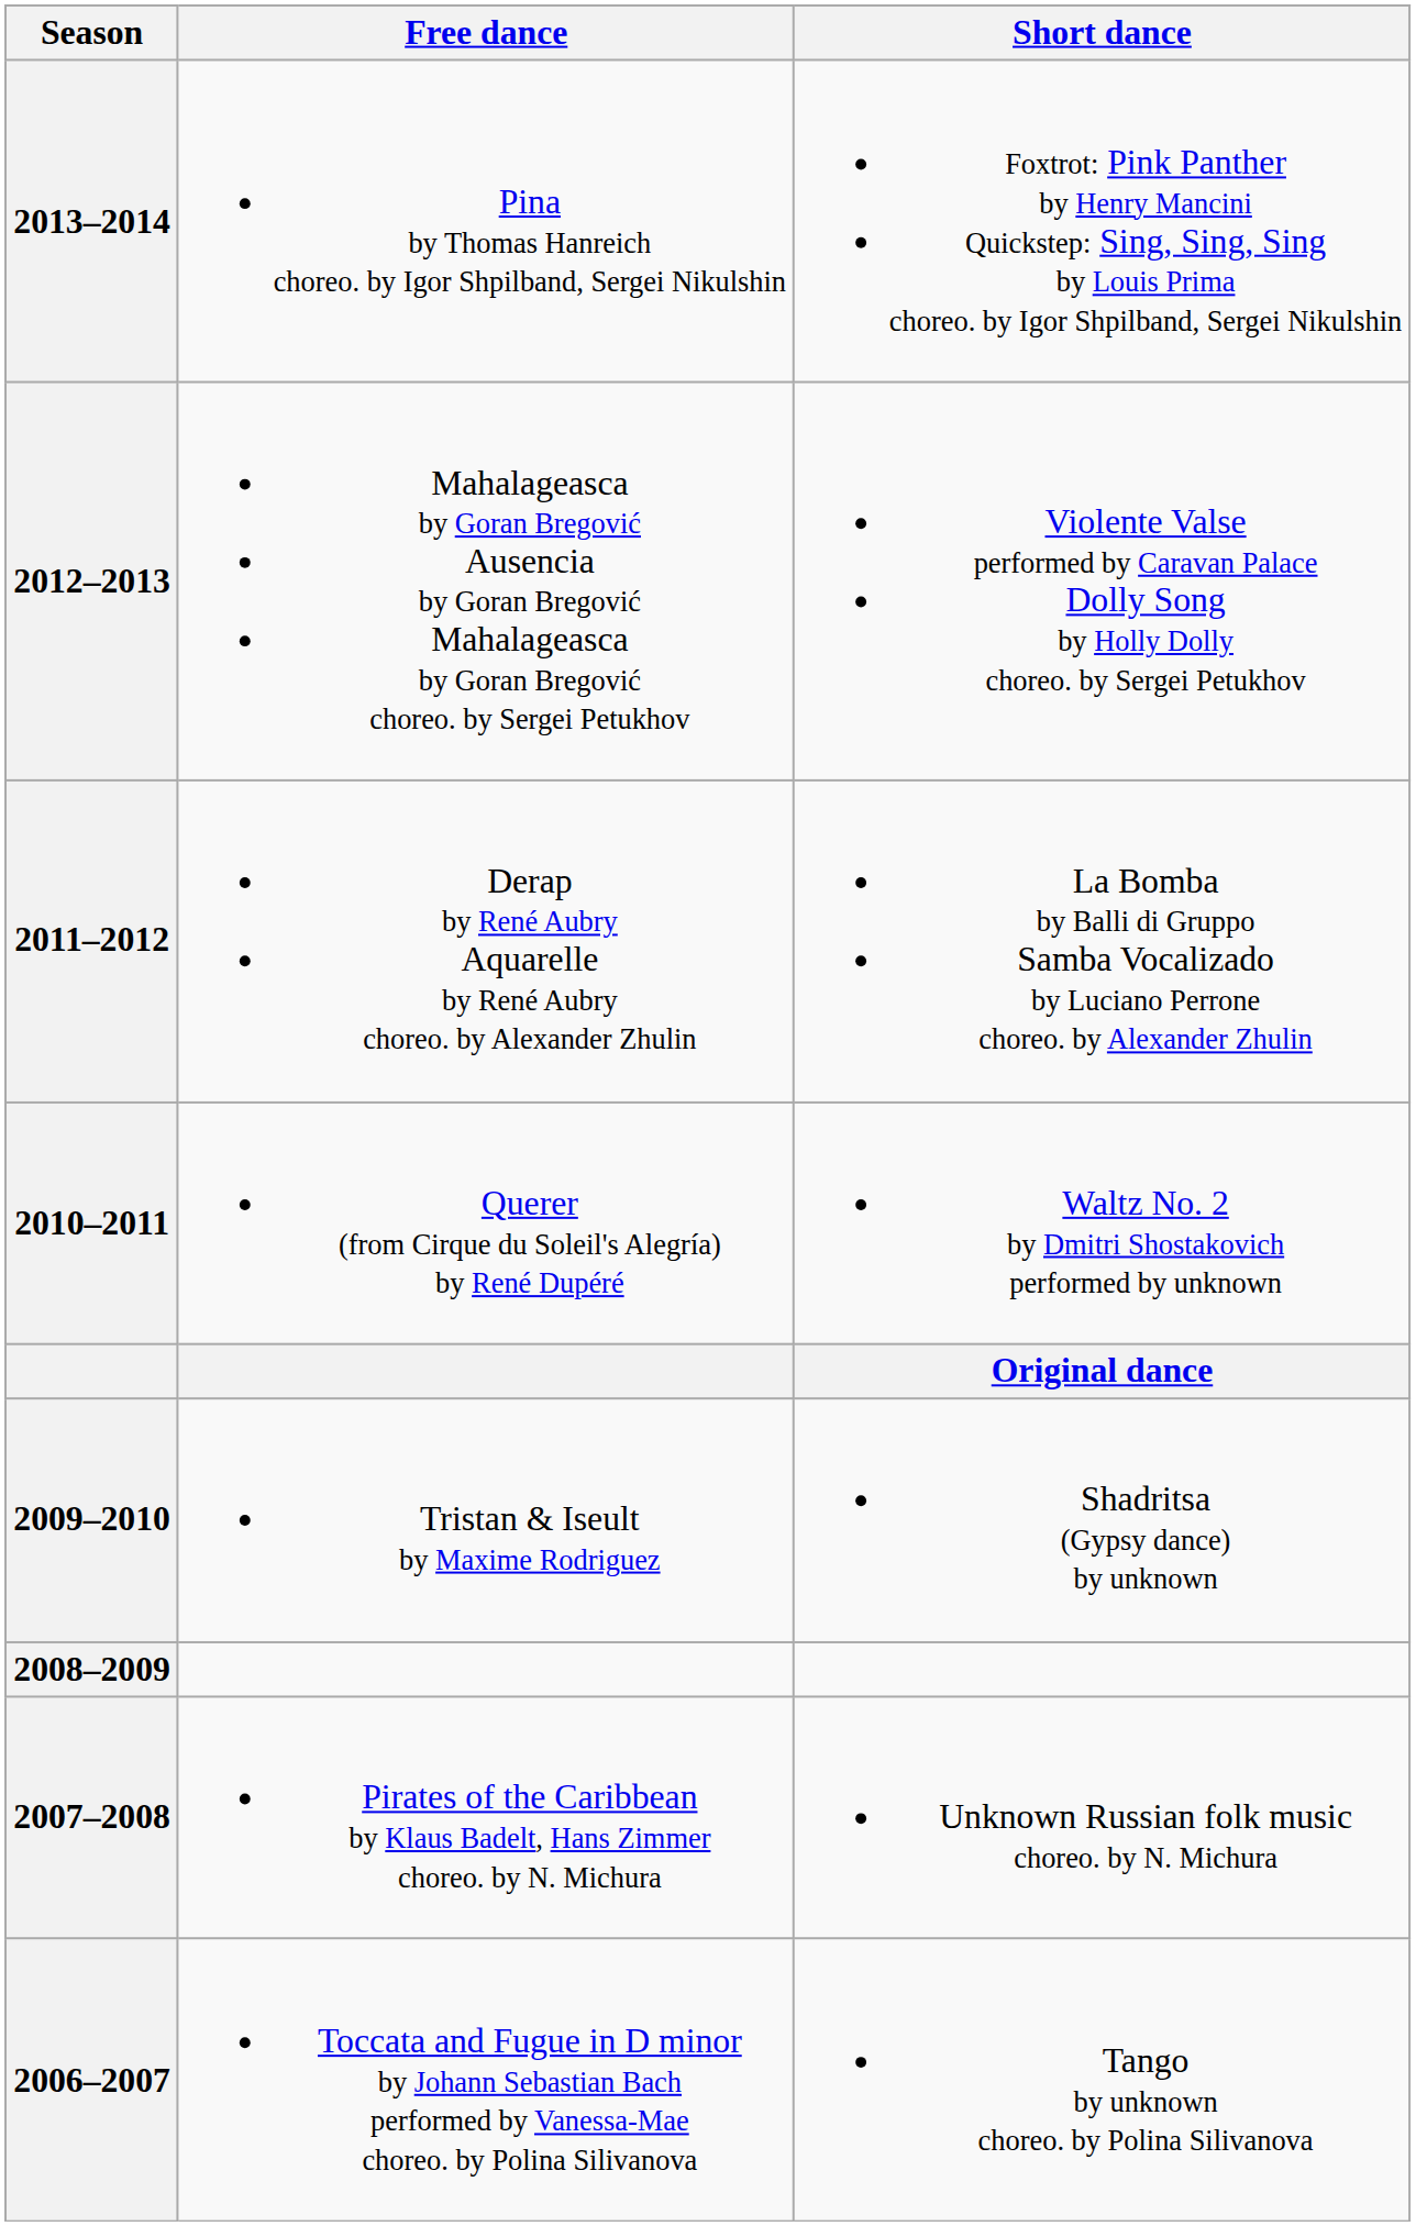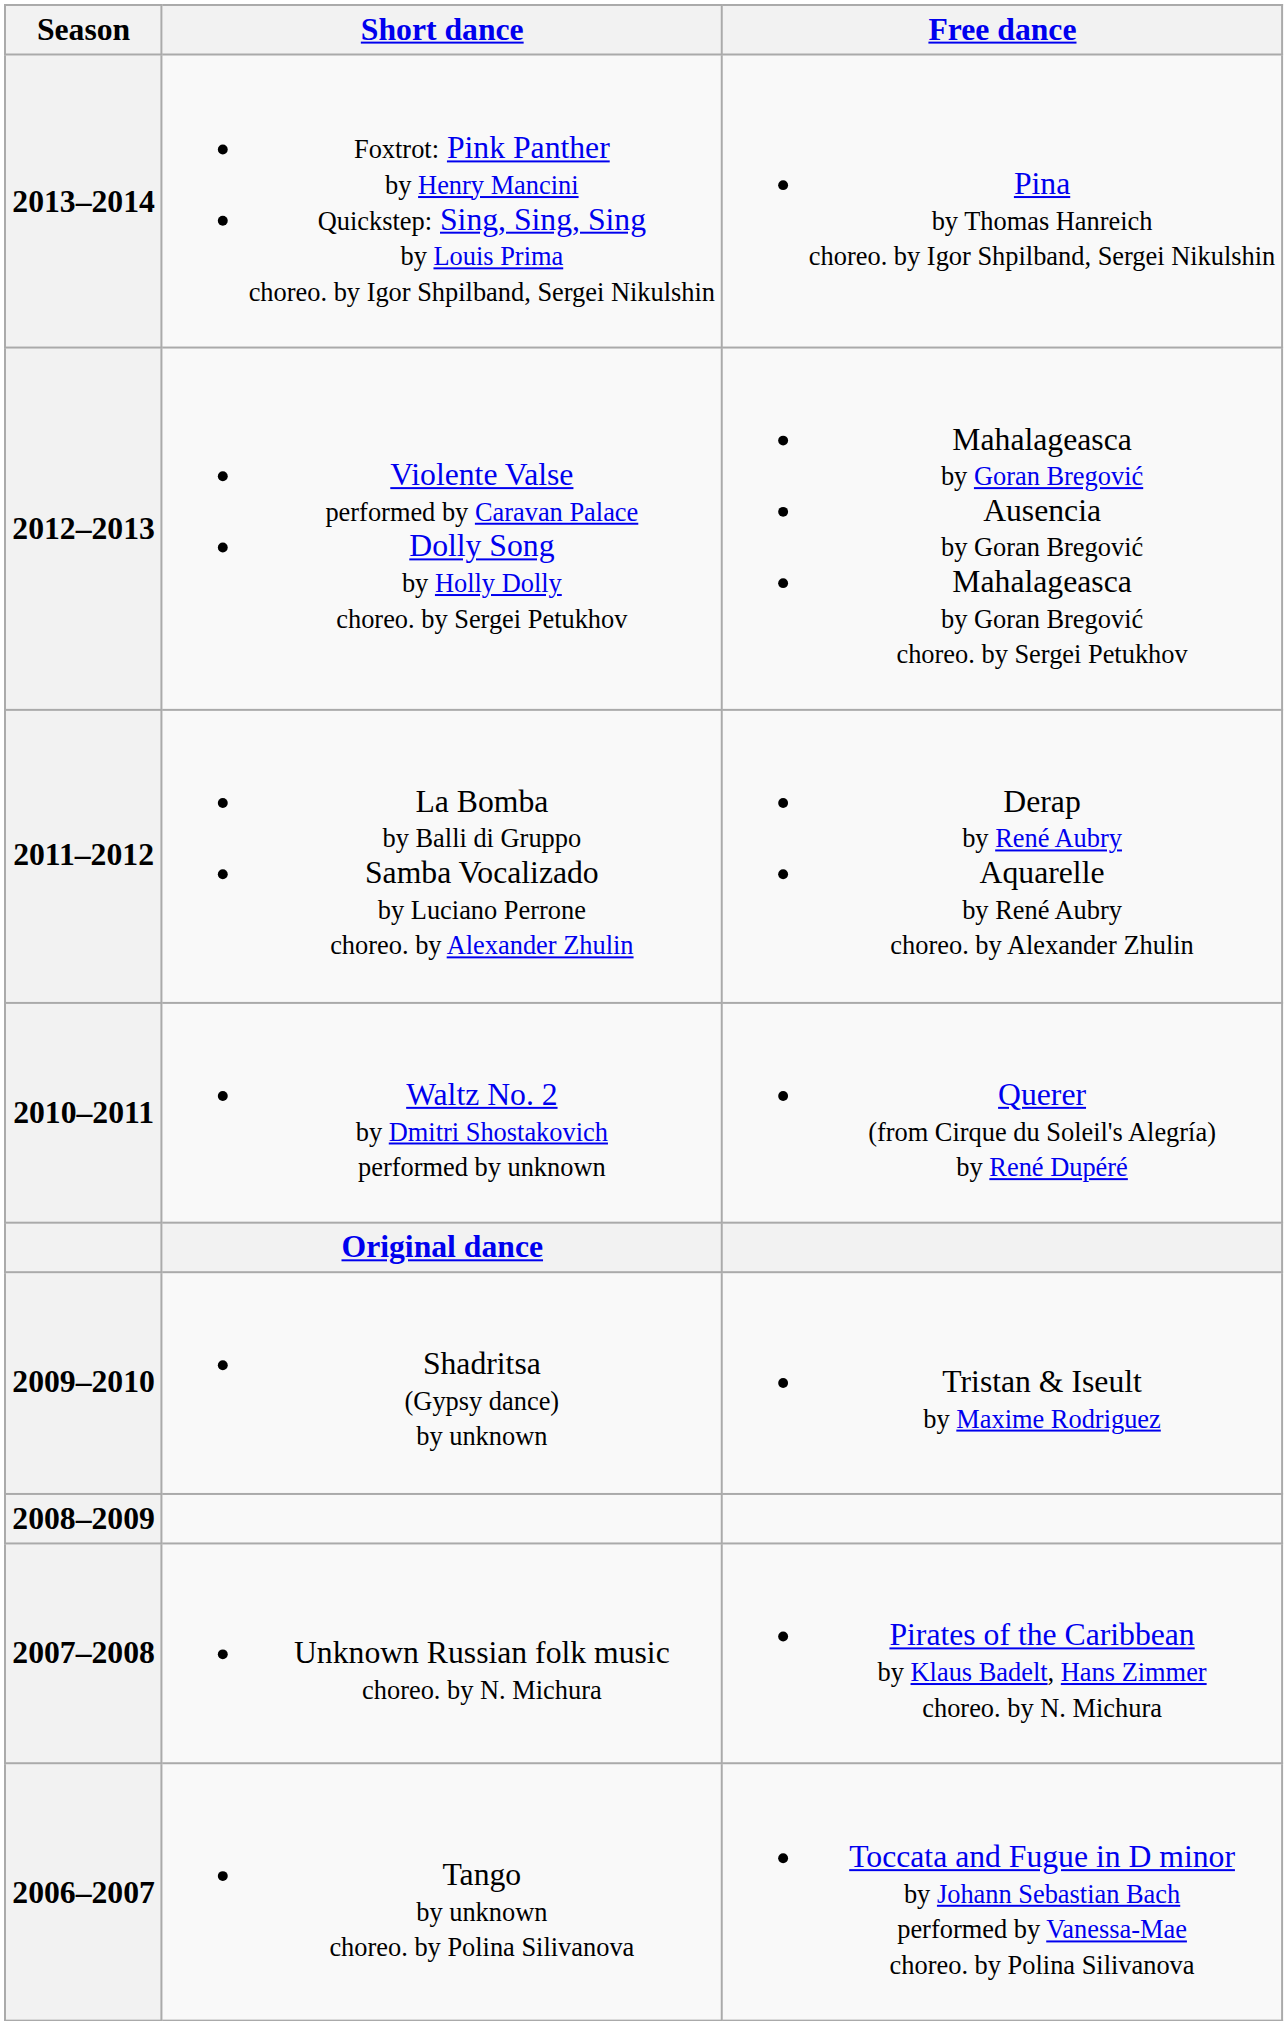 <table class="wikitable" style="text-align:center">
 <tr>
 <th>Season</th>
+<th><a href='#'>Short dance</a></th>
 <th><a href='#'>Free dance</a></th>
-<th><a href='#'>Short dance</a></th>
 </tr>
 <tr>
 <th>2013–2014 <br> </th>
+<td><br><ul><li><small>Foxtrot:</small> <a href='#'>Pink Panther</a> <br><small> by <a href='#'>Henry Mancini</a> </small></li><li><small>Quickstep:</small> <a href='#'>Sing, Sing, Sing</a> <br><small> by <a href='#'>Louis Prima</a> <br> choreo. by Igor Shpilband, Sergei Nikulshin </small></li></ul></td>
 <td><br><ul><li><a href='#'>Pina</a> <br><small> by Thomas Hanreich <br> choreo. by Igor Shpilband, Sergei Nikulshin </small></li></ul></td>
-<td><br><ul><li><small>Foxtrot:</small> <a href='#'>Pink Panther</a> <br><small> by <a href='#'>Henry Mancini</a> </small></li><li><small>Quickstep:</small> <a href='#'>Sing, Sing, Sing</a> <br><small> by <a href='#'>Louis Prima</a> <br> choreo. by Igor Shpilband, Sergei Nikulshin </small></li></ul></td>
 </tr>
 <tr>
 <th>2012–2013 <br> </th>
+<td><br><ul><li><a href='#'>Violente Valse</a> <br><small> performed by <a href='#'>Caravan Palace</a> </small></li><li><a href='#'>Dolly Song</a> <br><small> by <a href='#'>Holly Dolly</a> <br> choreo. by Sergei Petukhov </small></li></ul></td>
 <td><br><ul><li>Mahalageasca <br><small> by <a href='#'>Goran Bregović</a> </small></li><li>Ausencia <br><small> by Goran Bregović </small></li><li>Mahalageasca <br><small> by Goran Bregović <br> choreo. by Sergei Petukhov </small></li></ul></td>
-<td><br><ul><li><a href='#'>Violente Valse</a> <br><small> performed by <a href='#'>Caravan Palace</a> </small></li><li><a href='#'>Dolly Song</a> <br><small> by <a href='#'>Holly Dolly</a> <br> choreo. by Sergei Petukhov </small></li></ul></td>
 </tr>
 <tr>
 <th>2011–2012 <br> </th>
+<td><br><ul><li>La Bomba <br><small> by Balli di Gruppo </small></li><li>Samba Vocalizado <br><small> by Luciano Perrone <br> choreo. by <a href='#'>Alexander Zhulin</a> </small></li></ul></td>
 <td><br><ul><li>Derap <br><small> by <a href='#'>René Aubry</a> </small></li><li>Aquarelle <br><small> by René Aubry <br> choreo. by Alexander Zhulin </small></li></ul></td>
-<td><br><ul><li>La Bomba <br><small> by Balli di Gruppo </small></li><li>Samba Vocalizado <br><small> by Luciano Perrone <br> choreo. by <a href='#'>Alexander Zhulin</a> </small></li></ul></td>
 </tr>
 <tr>
 <th>2010–2011</th>
+<td><br><ul><li><a href='#'>Waltz No. 2</a> <br><small> by <a href='#'>Dmitri Shostakovich</a></small> <br><small> performed by unknown </small></li></ul></td>
 <td><br><ul><li><a href='#'>Querer</a> <br><small> (from Cirque du Soleil's Alegría) <br> by <a href='#'>René Dupéré</a> </small></li></ul></td>
-<td><br><ul><li><a href='#'>Waltz No. 2</a> <br><small> by <a href='#'>Dmitri Shostakovich</a></small> <br><small> performed by unknown </small></li></ul></td>
 </tr>
 <tr>
 <th></th>
+<th><a href='#'>Original dance</a></th>
 <th></th>
-<th><a href='#'>Original dance</a></th>
 </tr>
 <tr>
 <th>2009–2010</th>
+<td><br><ul><li>Shadritsa <br><small> (Gypsy dance)</small> <br><small> by unknown </small></li></ul></td>
 <td><br><ul><li>Tristan & Iseult <br><small> by <a href='#'>Maxime Rodriguez</a> </small></li></ul></td>
-<td><br><ul><li>Shadritsa <br><small> (Gypsy dance)</small> <br><small> by unknown </small></li></ul></td>
 </tr>
 <tr>
 <th>2008–2009</th>
 <td></td>
 <td></td>
 </tr>
 <tr>
 <th>2007–2008 <br> </th>
+<td><br><ul><li>Unknown Russian folk music <br><small> choreo. by N. Michura </small></li></ul></td>
 <td><br><ul><li><a href='#'>Pirates of the Caribbean</a> <br><small> by <a href='#'>Klaus Badelt</a>, <a href='#'>Hans Zimmer</a> <br> choreo. by N. Michura </small></li></ul></td>
-<td><br><ul><li>Unknown Russian folk music <br><small> choreo. by N. Michura </small></li></ul></td>
 </tr>
 <tr>
 <th>2006–2007 <br> </th>
+<td><br><ul><li>Tango <br><small> by unknown <br> choreo. by Polina Silivanova </small></li></ul></td>
 <td><br><ul><li><a href='#'>Toccata and Fugue in D minor</a> <br><small> by <a href='#'>Johann Sebastian Bach</a> <br> performed by <a href='#'>Vanessa-Mae</a> <br> choreo. by Polina Silivanova </small></li></ul></td>
-<td><br><ul><li>Tango <br><small> by unknown <br> choreo. by Polina Silivanova </small></li></ul></td>
 </tr>
 </table>
